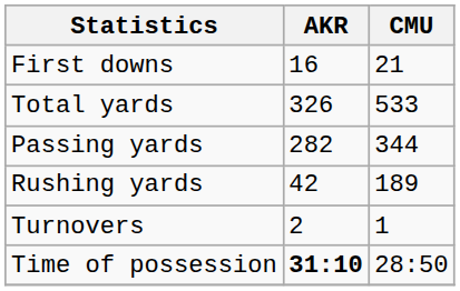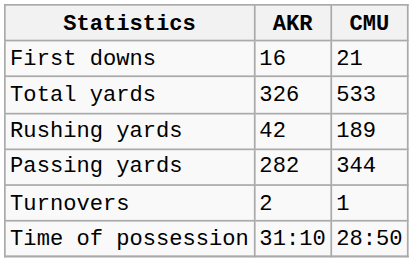 <table class="wikitable">
 <tr>
 <th>Statistics</th>
 <th>AKR</th>
 <th>CMU</th>
 </tr>
 <tr>
 <td>First downs</td>
 <td>16</td>
 <td>21</td>
 </tr>
 <tr>
 <td>Total yards</td>
 <td>326</td>
 <td>533</td>
 </tr>
 <tr>
+<td>Rushing yards</td>
+<td>42</td>
+<td>189</td>
+</tr>
+<tr>
 <td>Passing yards</td>
 <td>282</td>
 <td>344</td>
-</tr>
-<tr>
-<td>Rushing yards</td>
-<td>42</td>
-<td>189</td>
 </tr>
 <tr>
 <td>Turnovers</td>
 <td>2</td>
 <td>1</td>
 </tr>
 <tr>
 <td>Time of possession</td>
-<td><strong>31:10</strong></td>
+<td>31:10</td>
 <td>28:50</td>
 </tr>
 <tr>
 </tr>
 </table>
